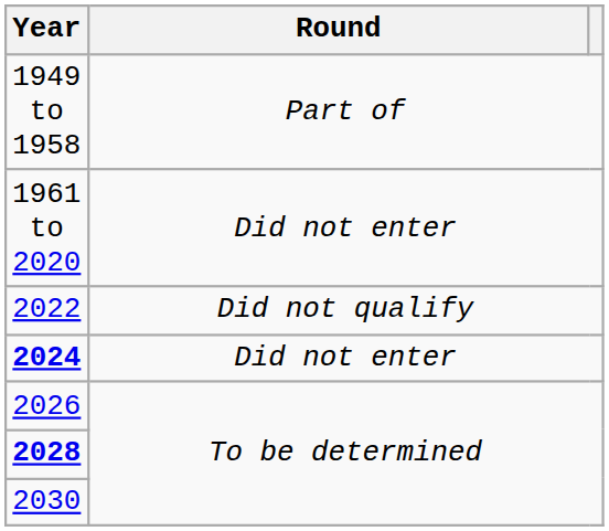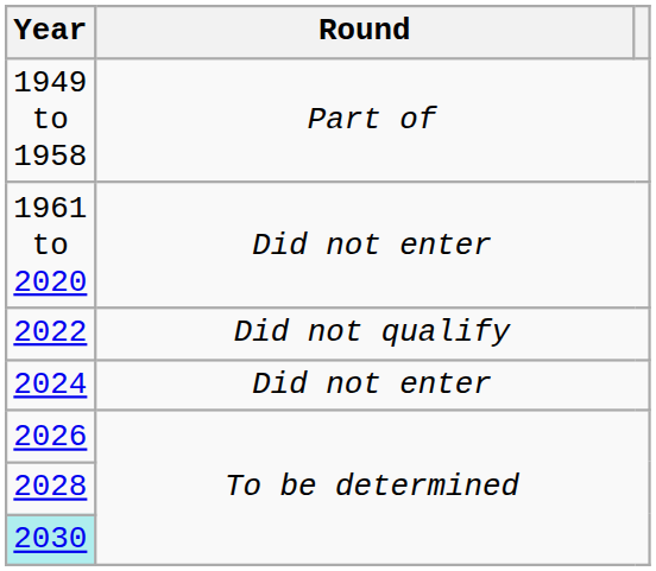 <table class="wikitable" style="text-align: center; font-size:90%">
 <tr>
 <th>Year</th>
 <th style="width:200px">Round</th>
 <th></th>
 </tr>
 <tr>
 <td>1949<br>to<br>1958</td>
 <td colspan="2"><em>Part of</em> </td>
 </tr>
 <tr>
 <td>1961<br>to<br><a href='#'>2020</a></td>
 <td colspan="2"><em>Did not enter</em></td>
 </tr>
 <tr>
 <td><a href='#'>2022</a></td>
 <td colspan="2"><em>Did not qualify</em></td>
 </tr>
 <tr>
-<td><strong><a href='#'>2024</a></strong></td>
+<td><a href='#'>2024</a></td>
 <td colspan="2"><em>Did not enter</em></td>
 </tr>
 <tr>
 <td><a href='#'>2026</a></td>
 <td colspan="2" rowspan="3"><em>To be determined</em></td>
 </tr>
 <tr>
-<td><strong><a href='#'>2028</a></strong></td>
+<td><a href='#'>2028</a></td>
 </tr>
 <tr>
-<td><a href='#'>2030</a></td>
+<td style="background: paleturquoise;"><a href='#'>2030</a></td>
 </tr>
 </table>
